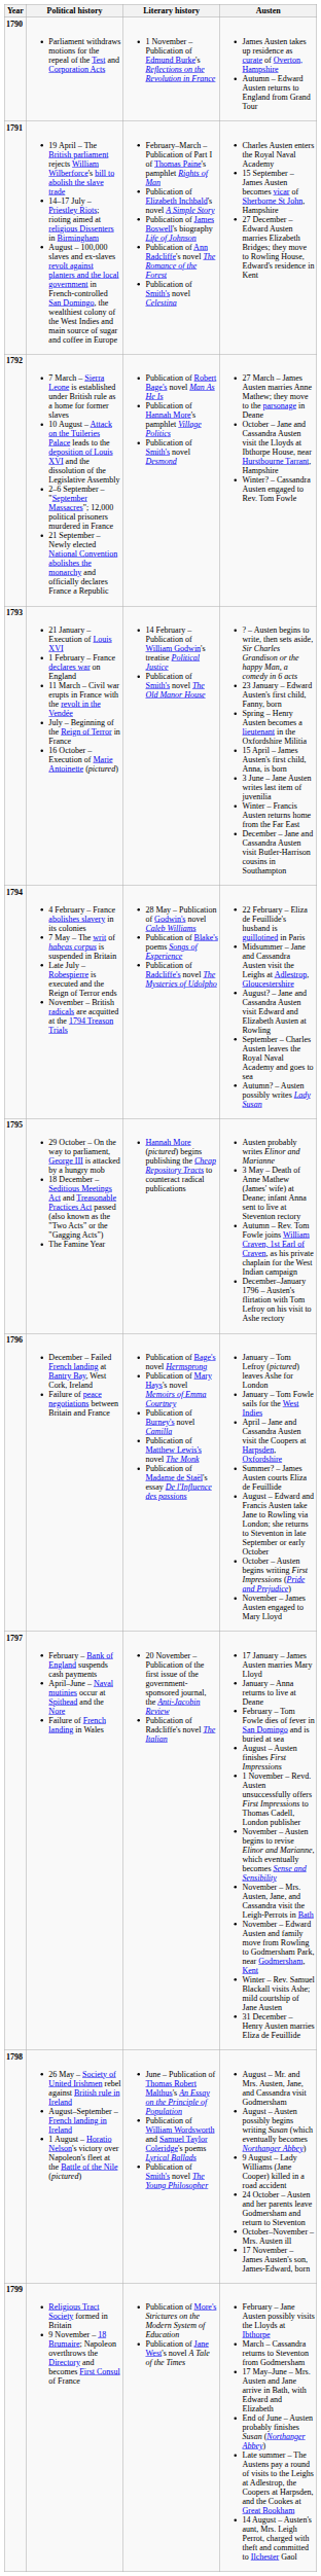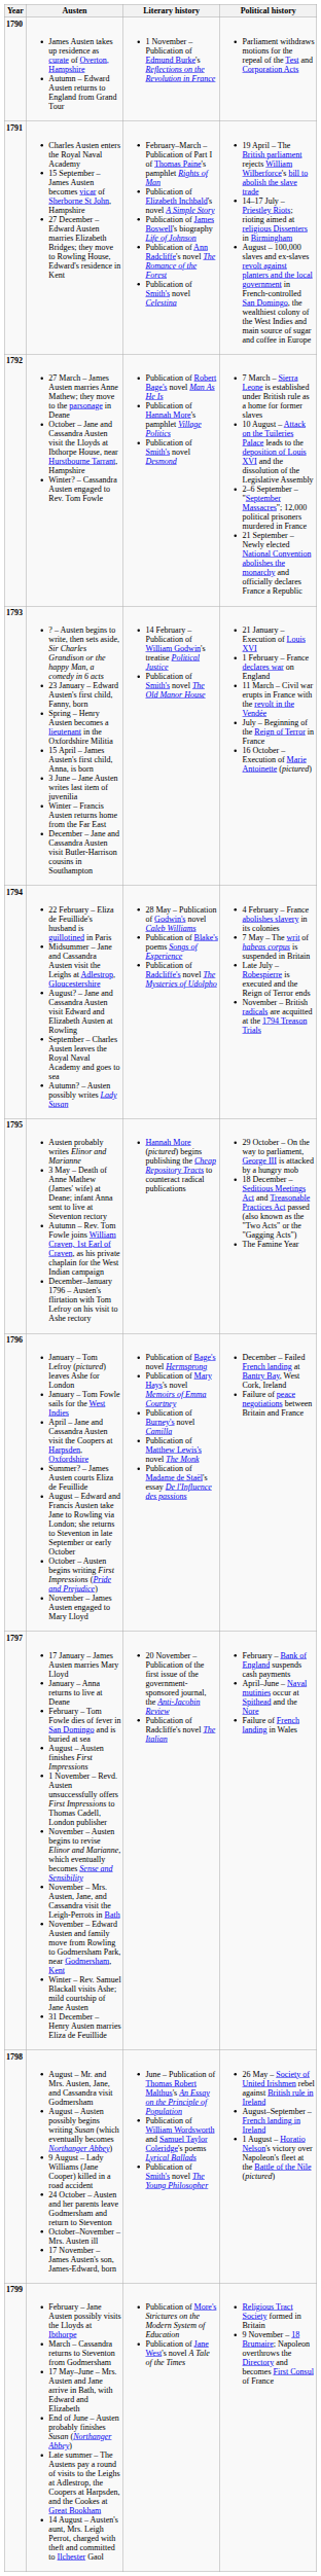 <table class="wikitable">
 <tr valign="top">
 <th scope="col">Year</th>
+<th scope="col" style="width:31%;">Austen</th>
+<th scope="col" style="width:31%;">Literary history</th>
 <th scope="col" style="width:31%;">Political history</th>
-<th scope="col" style="width:31%;">Literary history</th>
-<th scope="col" style="width:31%;">Austen</th>
 </tr>
 <tr valign="top">
 <td scope="row"><strong>1790</strong></td>
+<td><br><ul><li>James Austen takes up residence as <a href='#'>curate</a> of <a href='#'>Overton, Hampshire</a></li><li>Autumn – Edward Austen returns to England from Grand Tour</li></ul></td>
+<td><br><ul><li>1 November – Publication of <a href='#'>Edmund Burke</a>'s <em><a href='#'>Reflections on the Revolution in France</a></em></li></ul></td>
 <td><br><ul><li>Parliament withdraws motions for the repeal of the <a href='#'>Test</a> and <a href='#'>Corporation Acts</a></li></ul></td>
-<td><br><ul><li>1 November – Publication of <a href='#'>Edmund Burke</a>'s <em><a href='#'>Reflections on the Revolution in France</a></em></li></ul></td>
-<td><br><ul><li>James Austen takes up residence as <a href='#'>curate</a> of <a href='#'>Overton, Hampshire</a></li><li>Autumn – Edward Austen returns to England from Grand Tour</li></ul></td>
 </tr>
 <tr valign="top">
 <td scope="row"><strong>1791</strong></td>
+<td><br><ul><li>Charles Austen enters the Royal Naval Academy</li><li>15 September – James Austen becomes <a href='#'>vicar</a> of <a href='#'>Sherborne St John</a>, Hampshire</li><li>27 December – Edward Austen marries Elizabeth Bridges; they move to Rowling House, Edward's residence in Kent</li></ul></td>
+<td><br><ul><li>February–March – Publication of Part I of <a href='#'>Thomas Paine</a>'s pamphlet <em><a href='#'>Rights of Man</a></em></li><li>Publication of <a href='#'>Elizabeth Inchbald</a>'s novel <em><a href='#'>A Simple Story</a></em></li><li>Publication of <a href='#'>James Boswell</a>'s biography <em><a href='#'>Life of Johnson</a></em></li><li>Publication of <a href='#'>Ann Radcliffe</a>'s novel <em><a href='#'>The Romance of the Forest</a></em></li><li>Publication of <a href='#'>Smith's</a> novel <em><a href='#'>Celestina</a></em></li></ul></td>
 <td><br><ul><li>19 April – The <a href='#'>British parliament</a> rejects <a href='#'>William Wilberforce</a>'s <a href='#'>bill to abolish the slave trade</a></li><li>14–17 July – <a href='#'>Priestley Riots</a>; rioting aimed at <a href='#'>religious Dissenters</a> in <a href='#'>Birmingham</a></li><li>August – 100,000 slaves and ex-slaves <a href='#'>revolt against planters and the local government</a> in French-controlled <a href='#'>San Domingo</a>, the wealthiest colony of the West Indies and main source of sugar and coffee in Europe</li></ul></td>
-<td><br><ul><li>February–March – Publication of Part I of <a href='#'>Thomas Paine</a>'s pamphlet <em><a href='#'>Rights of Man</a></em></li><li>Publication of <a href='#'>Elizabeth Inchbald</a>'s novel <em><a href='#'>A Simple Story</a></em></li><li>Publication of <a href='#'>James Boswell</a>'s biography <em><a href='#'>Life of Johnson</a></em></li><li>Publication of <a href='#'>Ann Radcliffe</a>'s novel <em><a href='#'>The Romance of the Forest</a></em></li><li>Publication of <a href='#'>Smith's</a> novel <em><a href='#'>Celestina</a></em></li></ul></td>
-<td><br><ul><li>Charles Austen enters the Royal Naval Academy</li><li>15 September – James Austen becomes <a href='#'>vicar</a> of <a href='#'>Sherborne St John</a>, Hampshire</li><li>27 December – Edward Austen marries Elizabeth Bridges; they move to Rowling House, Edward's residence in Kent</li></ul></td>
 </tr>
 <tr valign="top">
 <td scope="row"><strong>1792</strong></td>
+<td><br><ul><li>27 March – James Austen marries Anne Mathew; they move to the <a href='#'>parsonage</a> in Deane</li><li>October – Jane and Cassandra Austen visit the Lloyds at Ibthorpe House, near <a href='#'>Hurstbourne Tarrant</a>, Hampshire</li><li>Winter? – Cassandra Austen engaged to Rev. Tom Fowle</li></ul></td>
+<td><br><ul><li>Publication of <a href='#'>Robert Bage's</a> novel <em><a href='#'>Man As He Is</a></em></li><li>Publication of <a href='#'>Hannah More</a>'s pamphlet <em><a href='#'>Village Politics</a></em></li><li>Publication of <a href='#'>Smith's</a> novel <em><a href='#'>Desmond</a></em></li></ul></td>
 <td><br><ul><li>7 March – <a href='#'>Sierra Leone</a> is established under British rule as a home for former slaves</li><li>10 August – <a href='#'>Attack on the Tuileries Palace</a> leads to the <a href='#'>deposition of Louis XVI</a> and the dissolution of the Legislative Assembly</li><li>2–6 September – "<a href='#'>September Massacres</a>"; 12,000 political prisoners murdered in France</li><li>21 September – Newly elected <a href='#'>National Convention abolishes the monarchy</a> and officially declares France a Republic</li></ul></td>
-<td><br><ul><li>Publication of <a href='#'>Robert Bage's</a> novel <em><a href='#'>Man As He Is</a></em></li><li>Publication of <a href='#'>Hannah More</a>'s pamphlet <em><a href='#'>Village Politics</a></em></li><li>Publication of <a href='#'>Smith's</a> novel <em><a href='#'>Desmond</a></em></li></ul></td>
-<td><br><ul><li>27 March – James Austen marries Anne Mathew; they move to the <a href='#'>parsonage</a> in Deane</li><li>October – Jane and Cassandra Austen visit the Lloyds at Ibthorpe House, near <a href='#'>Hurstbourne Tarrant</a>, Hampshire</li><li>Winter? – Cassandra Austen engaged to Rev. Tom Fowle</li></ul></td>
 </tr>
 <tr valign="top">
 <td scope="row"><strong>1793</strong></td>
+<td><br><ul><li>? – Austen begins to write, then sets aside, <em>Sir Charles Grandison or the happy Man, a comedy in 6 acts</em></li><li>23 January – Edward Austen's first child, Fanny, born</li><li>Spring – Henry Austen becomes a <a href='#'>lieutenant</a> in the Oxfordshire Militia</li><li>15 April – James Austen's first child, Anna, is born</li><li>3 June – Jane Austen writes last item of juvenilia</li><li>Winter – Francis Austen returns home from the Far East</li><li>December – Jane and Cassandra Austen visit Butler-Harrison cousins in Southampton</li></ul></td>
+<td><br><ul><li>14 February – Publication of <a href='#'>William Godwin</a>'s treatise <em><a href='#'>Political Justice</a></em></li><li>Publication of <a href='#'>Smith's</a> novel <em><a href='#'>The Old Manor House</a></em></li></ul></td>
 <td><br><ul><li>21 January – Execution of <a href='#'>Louis XVI</a></li><li>1 February – France <a href='#'>declares war</a> on England</li><li>11 March – Civil war erupts in France with the <a href='#'>revolt in the Vendée</a></li><li>July – Beginning of the <a href='#'>Reign of Terror</a> in France</li><li>16 October – Execution of <a href='#'>Marie Antoinette</a> (<em>pictured</em>)</li></ul></td>
-<td><br><ul><li>14 February – Publication of <a href='#'>William Godwin</a>'s treatise <em><a href='#'>Political Justice</a></em></li><li>Publication of <a href='#'>Smith's</a> novel <em><a href='#'>The Old Manor House</a></em></li></ul></td>
-<td><br><ul><li>? – Austen begins to write, then sets aside, <em>Sir Charles Grandison or the happy Man, a comedy in 6 acts</em></li><li>23 January – Edward Austen's first child, Fanny, born</li><li>Spring – Henry Austen becomes a <a href='#'>lieutenant</a> in the Oxfordshire Militia</li><li>15 April – James Austen's first child, Anna, is born</li><li>3 June – Jane Austen writes last item of juvenilia</li><li>Winter – Francis Austen returns home from the Far East</li><li>December – Jane and Cassandra Austen visit Butler-Harrison cousins in Southampton</li></ul></td>
 </tr>
 <tr valign="top">
 <td scope="row"><strong>1794</strong></td>
+<td><br><ul><li>22 February – Eliza de Feuillide's husband is <a href='#'>guillotined</a> in Paris</li><li>Midsummer – Jane and Cassandra Austen visit the Leighs at <a href='#'>Adlestrop</a>, <a href='#'>Gloucestershire</a></li><li>August? – Jane and Cassandra Austen visit Edward and Elizabeth Austen at Rowling</li><li>September – Charles Austen leaves the Royal Naval Academy and goes to sea</li><li>Autumn? – Austen possibly writes <em><a href='#'>Lady Susan</a></em></li></ul></td>
+<td><br><ul><li>28 May – Publication of <a href='#'>Godwin's</a> novel <em><a href='#'>Caleb Williams</a></em></li><li>Publication of <a href='#'>Blake's</a> poems <em><a href='#'>Songs of Experience</a></em></li><li>Publication of <a href='#'>Radcliffe's</a> novel <em><a href='#'>The Mysteries of Udolpho</a></em></li></ul></td>
 <td><br><ul><li>4 February – France <a href='#'>abolishes slavery</a> in its colonies</li><li>7 May – The <a href='#'>writ</a> of <em><a href='#'>habeas corpus</a></em> is suspended in Britain</li><li>Late July – <a href='#'>Robespierre</a> is executed and the Reign of Terror ends</li><li>November – British <a href='#'>radicals</a> are acquitted at the <a href='#'>1794 Treason Trials</a></li></ul></td>
-<td><br><ul><li>28 May – Publication of <a href='#'>Godwin's</a> novel <em><a href='#'>Caleb Williams</a></em></li><li>Publication of <a href='#'>Blake's</a> poems <em><a href='#'>Songs of Experience</a></em></li><li>Publication of <a href='#'>Radcliffe's</a> novel <em><a href='#'>The Mysteries of Udolpho</a></em></li></ul></td>
-<td><br><ul><li>22 February – Eliza de Feuillide's husband is <a href='#'>guillotined</a> in Paris</li><li>Midsummer – Jane and Cassandra Austen visit the Leighs at <a href='#'>Adlestrop</a>, <a href='#'>Gloucestershire</a></li><li>August? – Jane and Cassandra Austen visit Edward and Elizabeth Austen at Rowling</li><li>September – Charles Austen leaves the Royal Naval Academy and goes to sea</li><li>Autumn? – Austen possibly writes <em><a href='#'>Lady Susan</a></em></li></ul></td>
 </tr>
 <tr valign="top">
 <td scope="row"><strong>1795</strong></td>
+<td><br><ul><li>Austen probably writes <em>Elinor and Marianne</em></li><li>3 May – Death of Anne Mathew (James' wife) at Deane; infant Anna sent to live at Steventon rectory</li><li>Autumn – Rev. Tom Fowle joins <a href='#'>William Craven, 1st Earl of Craven</a>, as his private chaplain for the West Indian campaign</li><li>December–January 1796 – Austen's flirtation with Tom Lefroy on his visit to Ashe rectory</li></ul></td>
+<td><br><ul><li><a href='#'>Hannah More</a> (<em>pictured</em>) begins publishing the <em><a href='#'>Cheap Repository Tracts</a></em> to counteract radical publications</li></ul></td>
 <td><br><ul><li>29 October – On the way to parliament, <a href='#'>George III</a> is attacked by a hungry mob</li><li>18 December – <a href='#'>Seditious Meetings Act</a> and <a href='#'>Treasonable Practices Act</a> passed (also known as the "Two Acts" or the "Gagging Acts")</li><li>The Famine Year</li></ul></td>
-<td><br><ul><li><a href='#'>Hannah More</a> (<em>pictured</em>) begins publishing the <em><a href='#'>Cheap Repository Tracts</a></em> to counteract radical publications</li></ul></td>
-<td><br><ul><li>Austen probably writes <em>Elinor and Marianne</em></li><li>3 May – Death of Anne Mathew (James' wife) at Deane; infant Anna sent to live at Steventon rectory</li><li>Autumn – Rev. Tom Fowle joins <a href='#'>William Craven, 1st Earl of Craven</a>, as his private chaplain for the West Indian campaign</li><li>December–January 1796 – Austen's flirtation with Tom Lefroy on his visit to Ashe rectory</li></ul></td>
 </tr>
 <tr valign="top">
 <td scope="row"><strong>1796</strong></td>
+<td><br><ul><li>January – Tom Lefroy (<em>pictured</em>) leaves Ashe for London</li><li>January – Tom Fowle sails for the <a href='#'>West Indies</a></li><li>April – Jane and Cassandra Austen visit the Coopers at <a href='#'>Harpsden</a>, <a href='#'>Oxfordshire</a></li><li>Summer? – James Austen courts Eliza de Feuillide</li><li>August – Edward and Francis Austen take Jane to Rowling via London; she returns to Steventon in late September or early October</li><li>October – Austen begins writing <em>First Impressions</em> (<em><a href='#'>Pride and Prejudice</a></em>)</li><li>November – James Austen engaged to Mary Lloyd</li></ul></td>
+<td><br><ul><li>Publication of <a href='#'>Bage's</a> novel <em><a href='#'>Hermsprong</a></em></li><li>Publication of <a href='#'>Mary Hays</a>'s novel <em><a href='#'>Memoirs of Emma Courtney</a></em></li><li>Publication of <a href='#'>Burney's</a> novel <em><a href='#'>Camilla</a></em></li><li>Publication of <a href='#'>Matthew Lewis's</a> novel <em><a href='#'>The Monk</a></em></li><li>Publication of <a href='#'>Madame de Staël</a>'s essay <em><a href='#'>De l'Influence des passions</a></em></li></ul></td>
 <td><br><ul><li>December – Failed <a href='#'>French landing</a> at <a href='#'>Bantry Bay</a>, West Cork, Ireland</li><li>Failure of <a href='#'>peace negotiations</a> between Britain and France</li></ul></td>
-<td><br><ul><li>Publication of <a href='#'>Bage's</a> novel <em><a href='#'>Hermsprong</a></em></li><li>Publication of <a href='#'>Mary Hays</a>'s novel <em><a href='#'>Memoirs of Emma Courtney</a></em></li><li>Publication of <a href='#'>Burney's</a> novel <em><a href='#'>Camilla</a></em></li><li>Publication of <a href='#'>Matthew Lewis's</a> novel <em><a href='#'>The Monk</a></em></li><li>Publication of <a href='#'>Madame de Staël</a>'s essay <em><a href='#'>De l'Influence des passions</a></em></li></ul></td>
-<td><br><ul><li>January – Tom Lefroy (<em>pictured</em>) leaves Ashe for London</li><li>January – Tom Fowle sails for the <a href='#'>West Indies</a></li><li>April – Jane and Cassandra Austen visit the Coopers at <a href='#'>Harpsden</a>, <a href='#'>Oxfordshire</a></li><li>Summer? – James Austen courts Eliza de Feuillide</li><li>August – Edward and Francis Austen take Jane to Rowling via London; she returns to Steventon in late September or early October</li><li>October – Austen begins writing <em>First Impressions</em> (<em><a href='#'>Pride and Prejudice</a></em>)</li><li>November – James Austen engaged to Mary Lloyd</li></ul></td>
 </tr>
 <tr valign="top">
 <td scope="row"><strong>1797</strong></td>
+<td><br><ul><li>17 January – James Austen marries Mary Lloyd</li><li>January – Anna returns to live at Deane</li><li>February – Tom Fowle dies of fever in <a href='#'>San Domingo</a> and is buried at sea</li><li>August – Austen finishes <em>First Impressions</em></li><li>1 November – Revd. Austen unsuccessfully offers <em>First Impressions</em> to Thomas Cadell, London publisher</li><li>November – Austen begins to revise <em>Elinor and Marianne</em>, which eventually becomes <em><a href='#'>Sense and Sensibility</a></em></li><li>November – Mrs. Austen, Jane, and Cassandra visit the Leigh-Perrots in <a href='#'>Bath</a></li><li>November – Edward Austen and family move from Rowling to Godmersham Park, near <a href='#'>Godmersham</a>, <a href='#'>Kent</a></li><li>Winter – Rev. Samuel Blackall visits Ashe; mild courtship of Jane Austen</li><li>31 December – Henry Austen marries Eliza de Feuillide</li></ul></td>
+<td><br><ul><li>20 November – Publication of the first issue of the government-sponsored journal, the <em><a href='#'>Anti-Jacobin Review</a></em></li><li>Publication of Radcliffe's novel <em><a href='#'>The Italian</a></em></li></ul></td>
 <td><br><ul><li>February – <a href='#'>Bank of England</a> suspends cash payments</li><li>April–June – <a href='#'>Naval mutinies</a> occur at <a href='#'>Spithead</a> and the <a href='#'>Nore</a></li><li>Failure of <a href='#'>French landing</a> in Wales</li></ul></td>
-<td><br><ul><li>20 November – Publication of the first issue of the government-sponsored journal, the <em><a href='#'>Anti-Jacobin Review</a></em></li><li>Publication of Radcliffe's novel <em><a href='#'>The Italian</a></em></li></ul></td>
-<td><br><ul><li>17 January – James Austen marries Mary Lloyd</li><li>January – Anna returns to live at Deane</li><li>February – Tom Fowle dies of fever in <a href='#'>San Domingo</a> and is buried at sea</li><li>August – Austen finishes <em>First Impressions</em></li><li>1 November – Revd. Austen unsuccessfully offers <em>First Impressions</em> to Thomas Cadell, London publisher</li><li>November – Austen begins to revise <em>Elinor and Marianne</em>, which eventually becomes <em><a href='#'>Sense and Sensibility</a></em></li><li>November – Mrs. Austen, Jane, and Cassandra visit the Leigh-Perrots in <a href='#'>Bath</a></li><li>November – Edward Austen and family move from Rowling to Godmersham Park, near <a href='#'>Godmersham</a>, <a href='#'>Kent</a></li><li>Winter – Rev. Samuel Blackall visits Ashe; mild courtship of Jane Austen</li><li>31 December – Henry Austen marries Eliza de Feuillide</li></ul></td>
 </tr>
 <tr valign="top">
 <td scope="row"><strong>1798</strong></td>
+<td><br><ul><li>August – Mr. and Mrs. Austen, Jane, and Cassandra visit Godmersham</li><li>August – Austen possibly begins writing <em>Susan</em> (which eventually becomes <em><a href='#'>Northanger Abbey</a></em>)</li><li>9 August – Lady Williams (Jane Cooper) killed in a road accident</li><li>24 October – Austen and her parents leave Godmersham and return to Steventon</li><li>October–November – Mrs. Austen ill</li><li>17 November – James Austen's son, James-Edward, born</li></ul></td>
+<td><br><ul><li>June – Publication of <a href='#'>Thomas Robert Malthus</a>'s <em><a href='#'>An Essay on the Principle of Population</a></em></li><li>Publication of <a href='#'>William Wordsworth</a> and <a href='#'>Samuel Taylor Coleridge</a>'s poems <em><a href='#'>Lyrical Ballads</a></em></li><li>Publication of <a href='#'>Smith's</a> novel <em><a href='#'>The Young Philosopher</a></em></li></ul></td>
 <td><br><ul><li>26 May – <a href='#'>Society of United Irishmen</a> rebel against <a href='#'>British rule in Ireland</a></li><li>August–September – <a href='#'>French landing in Ireland</a></li><li>1 August – <a href='#'>Horatio Nelson</a>'s victory over Napoleon's fleet at the <a href='#'>Battle of the Nile</a> (<em>pictured</em>)</li></ul></td>
-<td><br><ul><li>June – Publication of <a href='#'>Thomas Robert Malthus</a>'s <em><a href='#'>An Essay on the Principle of Population</a></em></li><li>Publication of <a href='#'>William Wordsworth</a> and <a href='#'>Samuel Taylor Coleridge</a>'s poems <em><a href='#'>Lyrical Ballads</a></em></li><li>Publication of <a href='#'>Smith's</a> novel <em><a href='#'>The Young Philosopher</a></em></li></ul></td>
-<td><br><ul><li>August – Mr. and Mrs. Austen, Jane, and Cassandra visit Godmersham</li><li>August – Austen possibly begins writing <em>Susan</em> (which eventually becomes <em><a href='#'>Northanger Abbey</a></em>)</li><li>9 August – Lady Williams (Jane Cooper) killed in a road accident</li><li>24 October – Austen and her parents leave Godmersham and return to Steventon</li><li>October–November – Mrs. Austen ill</li><li>17 November – James Austen's son, James-Edward, born</li></ul></td>
 </tr>
 <tr valign="top">
 <td scope="row"><strong>1799</strong></td>
+<td><br><ul><li>February – Jane Austen possibly visits the Lloyds at <a href='#'>Ibthorpe</a></li><li>March – Cassandra returns to Steventon from Godmersham</li><li>17 May–June – Mrs. Austen and Jane arrive in Bath, with Edward and Elizabeth</li><li>End of June – Austen probably finishes <em>Susan</em> (<em><a href='#'>Northanger Abbey</a></em>)</li><li>Late summer – The Austens pay a round of visits to the Leighs at Adlestrop, the Coopers at Harpsden, and the Cookes at <a href='#'>Great Bookham</a></li><li>14 August – Austen's aunt, Mrs. Leigh Perrot, charged with theft and committed to <a href='#'>Ilchester</a> Gaol</li></ul></td>
+<td><br><ul><li>Publication of <a href='#'>More's</a> <em>Strictures on the Modern System of Education</em></li><li>Publication of <a href='#'>Jane West</a>'s novel <em>A Tale of the Times</em></li></ul></td>
 <td><br><ul><li><a href='#'>Religious Tract Society</a> formed in Britain</li><li>9 November – <a href='#'>18 Brumaire</a>; Napoleon overthrows the <a href='#'>Directory</a> and becomes <a href='#'>First Consul</a> of France</li></ul></td>
-<td><br><ul><li>Publication of <a href='#'>More's</a> <em>Strictures on the Modern System of Education</em></li><li>Publication of <a href='#'>Jane West</a>'s novel <em>A Tale of the Times</em></li></ul></td>
-<td><br><ul><li>February – Jane Austen possibly visits the Lloyds at <a href='#'>Ibthorpe</a></li><li>March – Cassandra returns to Steventon from Godmersham</li><li>17 May–June – Mrs. Austen and Jane arrive in Bath, with Edward and Elizabeth</li><li>End of June – Austen probably finishes <em>Susan</em> (<em><a href='#'>Northanger Abbey</a></em>)</li><li>Late summer – The Austens pay a round of visits to the Leighs at Adlestrop, the Coopers at Harpsden, and the Cookes at <a href='#'>Great Bookham</a></li><li>14 August – Austen's aunt, Mrs. Leigh Perrot, charged with theft and committed to <a href='#'>Ilchester</a> Gaol</li></ul></td>
 </tr>
 </table>
